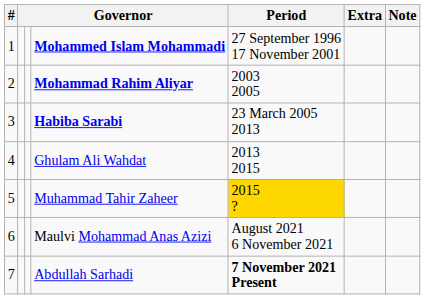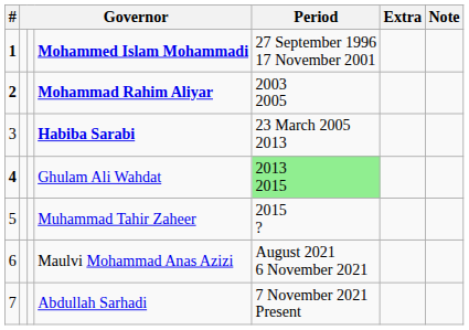 <table class="wikitable">
 <tr>
 <th>#</th>
 <th colspan="3">Governor</th>
 <th>Period</th>
 <th>Extra</th>
 <th>Note</th>
 </tr>
 <tr>
-<td>1</td>
+<td><strong>1</strong></td>
 <td></td>
 <td></td>
 <td><strong><a href='#'>Mohammed Islam Mohammadi</a></strong></td>
 <td>27 September 1996<br>17 November 2001</td>
 <td></td>
 <td></td>
 </tr>
 <tr>
-<td>2</td>
+<td><strong>2</strong></td>
 <td></td>
 <td></td>
 <td><strong><a href='#'>Mohammad Rahim Aliyar</a></strong></td>
 <td>2003<br>2005</td>
 <td></td>
 <td></td>
 </tr>
 <tr>
 <td>3</td>
 <td></td>
 <td></td>
 <td><strong><a href='#'>Habiba Sarabi</a></strong></td>
 <td>23 March 2005<br>2013</td>
 <td></td>
 <td></td>
 </tr>
 <tr>
-<td>4</td>
+<td><strong>4</strong></td>
 <td></td>
 <td></td>
 <td><a href='#'>Ghulam Ali Wahdat</a></td>
-<td>2013<br>2015</td>
+<td style="background: lightgreen;">2013<br>2015</td>
 <td></td>
 <td></td>
 </tr>
 <tr>
 <td>5</td>
 <td></td>
 <td></td>
 <td><a href='#'>Muhammad Tahir Zaheer</a></td>
-<td style="background: gold;">2015<br>?</td>
+<td>2015<br>?</td>
 <td></td>
 <td></td>
 </tr>
 <tr>
 <td>6</td>
 <td></td>
 <td></td>
 <td>Maulvi <a href='#'>Mohammad Anas Azizi</a></td>
 <td>August 2021<br> 6 November 2021</td>
 <td></td>
 <td></td>
 </tr>
 <tr>
 <td>7</td>
 <td></td>
 <td></td>
 <td><a href='#'>Abdullah Sarhadi</a></td>
-<td><strong>7 November 2021<br>Present</strong></td>
+<td>7 November 2021<br>Present</td>
 <td></td>
 <td></td>
 </tr>
 </table>
